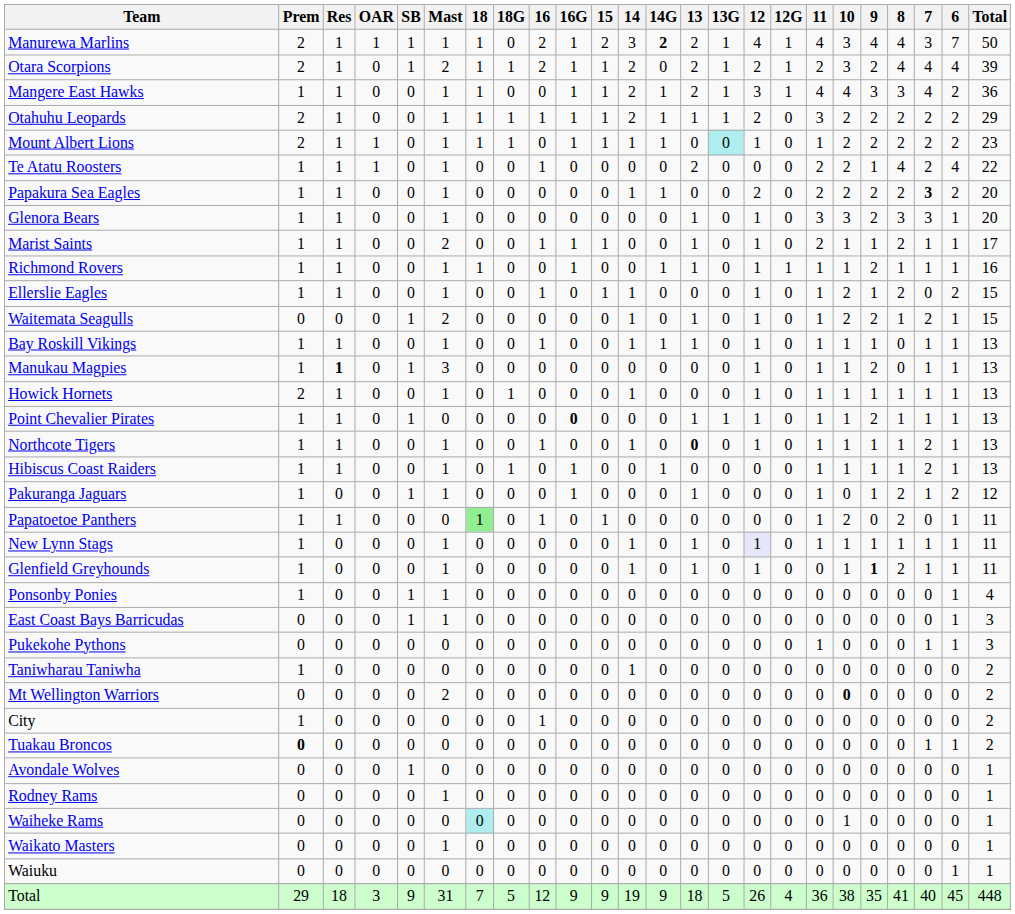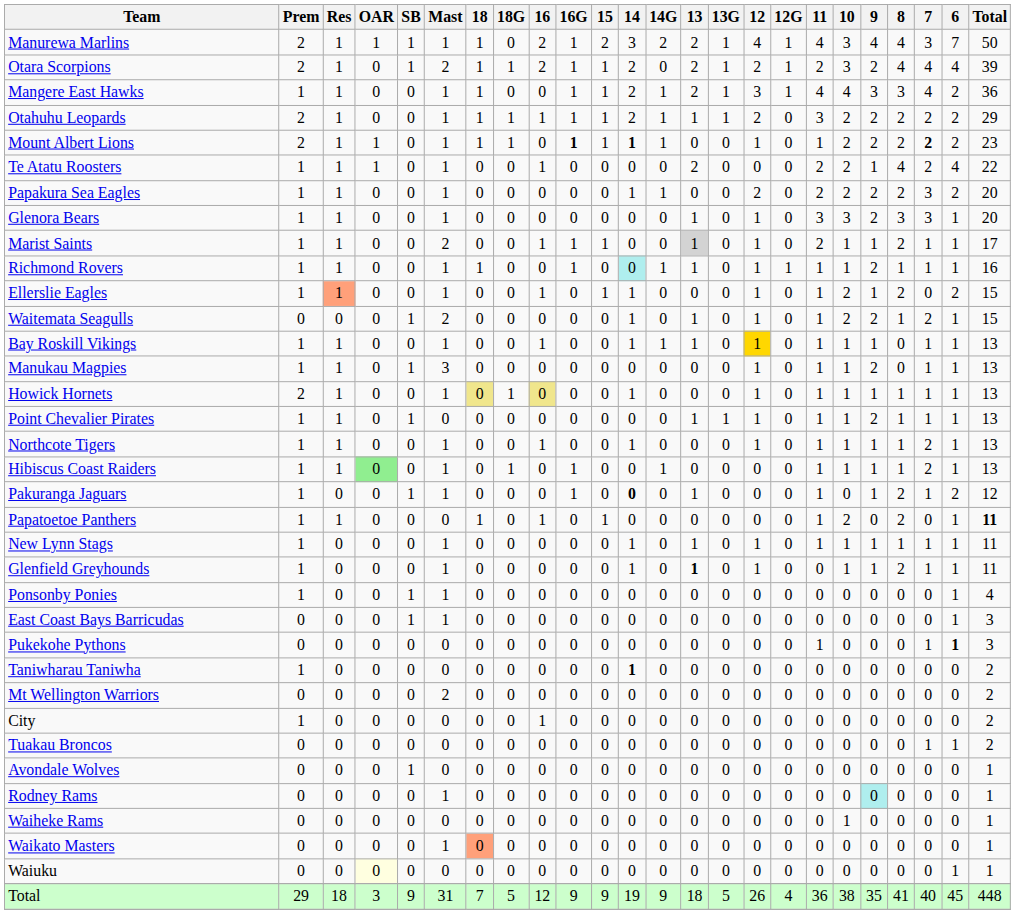 <table class="wikitable" style="text-align:center;">
 <tr>
 <th width=270>Team</th>
 <th width=20 abbr="Premiers">Prem</th>
 <th width=20 abbr="Reserves">Res</th>
 <th width=20 abbr="OAR">OAR</th>
 <th width=20 abbr="Sen B">SB</th>
 <th width=20 abbr="Masters">Mast</th>
 <th width=20 abbr="Under 18">18</th>
 <th width=20 abbr="Under 18 G">18G</th>
 <th width=20 abbr="Under 16">16</th>
 <th width=20 abbr="Under 16 G">16G</th>
 <th width=20 abbr="Under 15">15</th>
 <th width=20 abbr="Under 14">14</th>
 <th width=20 abbr="Under 14">14G</th>
 <th width=20 abbr="Under 13">13</th>
 <th width=20 abbr="Under 13 G">13G</th>
 <th width=20 abbr="Under 12">12</th>
 <th width=20 abbr="Under 12 G">12G</th>
 <th width=20 abbr="Under 11">11</th>
 <th width=20 abbr="Under 10">10</th>
 <th width=20 abbr="Under 9">9</th>
 <th width=20 abbr="Under 8">8</th>
 <th width=20 abbr="Under 7">7</th>
 <th width=20 abbr="Under 6">6</th>
 <th width=20 abbr="Total">Total</th>
 </tr>
 <tr>
 <td style="text-align:left;"><a href='#'>Manurewa Marlins</a></td>
 <td>2</td>
 <td>1</td>
 <td>1</td>
 <td>1</td>
 <td>1</td>
 <td>1</td>
 <td>0</td>
 <td>2</td>
 <td>1</td>
 <td>2</td>
 <td>3</td>
-<td><strong>2</strong></td>
+<td>2</td>
 <td>2</td>
 <td>1</td>
 <td>4</td>
 <td>1</td>
 <td>4</td>
 <td>3</td>
 <td>4</td>
 <td>4</td>
 <td>3</td>
 <td>7</td>
 <td>50</td>
 </tr>
 <tr>
 <td style="text-align:left;"><a href='#'>Otara Scorpions</a></td>
 <td>2</td>
 <td>1</td>
 <td>0</td>
 <td>1</td>
 <td>2</td>
 <td>1</td>
 <td>1</td>
 <td>2</td>
 <td>1</td>
 <td>1</td>
 <td>2</td>
 <td>0</td>
 <td>2</td>
 <td>1</td>
 <td>2</td>
 <td>1</td>
 <td>2</td>
 <td>3</td>
 <td>2</td>
 <td>4</td>
 <td>4</td>
 <td>4</td>
 <td>39</td>
 </tr>
 <tr>
 <td style="text-align:left;"><a href='#'>Mangere East Hawks</a></td>
 <td>1</td>
 <td>1</td>
 <td>0</td>
 <td>0</td>
 <td>1</td>
 <td>1</td>
 <td>0</td>
 <td>0</td>
 <td>1</td>
 <td>1</td>
 <td>2</td>
 <td>1</td>
 <td>2</td>
 <td>1</td>
 <td>3</td>
 <td>1</td>
 <td>4</td>
 <td>4</td>
 <td>3</td>
 <td>3</td>
 <td>4</td>
 <td>2</td>
 <td>36</td>
 </tr>
 <tr>
 <td style="text-align:left;"><a href='#'>Otahuhu Leopards</a></td>
 <td>2</td>
 <td>1</td>
 <td>0</td>
 <td>0</td>
 <td>1</td>
 <td>1</td>
 <td>1</td>
 <td>1</td>
 <td>1</td>
 <td>1</td>
 <td>2</td>
 <td>1</td>
 <td>1</td>
 <td>1</td>
 <td>2</td>
 <td>0</td>
 <td>3</td>
 <td>2</td>
 <td>2</td>
 <td>2</td>
 <td>2</td>
 <td>2</td>
 <td>29</td>
 </tr>
 <tr>
 <td style="text-align:left;"><a href='#'>Mount Albert Lions</a></td>
 <td>2</td>
 <td>1</td>
 <td>1</td>
 <td>0</td>
 <td>1</td>
 <td>1</td>
 <td>1</td>
 <td>0</td>
+<td><strong>1</strong></td>
 <td>1</td>
-<td>1</td>
-<td>1</td>
+<td><strong>1</strong></td>
 <td>1</td>
 <td>0</td>
-<td style="background: paleturquoise;">0</td>
+<td>0</td>
 <td>1</td>
 <td>0</td>
 <td>1</td>
 <td>2</td>
 <td>2</td>
 <td>2</td>
-<td>2</td>
+<td><strong>2</strong></td>
 <td>2</td>
 <td>23</td>
 </tr>
 <tr>
 <td style="text-align:left;"><a href='#'>Te Atatu Roosters</a></td>
 <td>1</td>
 <td>1</td>
 <td>1</td>
 <td>0</td>
 <td>1</td>
 <td>0</td>
 <td>0</td>
 <td>1</td>
 <td>0</td>
 <td>0</td>
 <td>0</td>
 <td>0</td>
 <td>2</td>
 <td>0</td>
 <td>0</td>
 <td>0</td>
 <td>2</td>
 <td>2</td>
 <td>1</td>
 <td>4</td>
 <td>2</td>
 <td>4</td>
 <td>22</td>
 </tr>
 <tr>
 <td style="text-align:left;"><a href='#'>Papakura Sea Eagles</a></td>
 <td>1</td>
 <td>1</td>
 <td>0</td>
 <td>0</td>
 <td>1</td>
 <td>0</td>
 <td>0</td>
 <td>0</td>
 <td>0</td>
 <td>0</td>
 <td>1</td>
 <td>1</td>
 <td>0</td>
 <td>0</td>
 <td>2</td>
 <td>0</td>
 <td>2</td>
 <td>2</td>
 <td>2</td>
 <td>2</td>
-<td><strong>3</strong></td>
+<td>3</td>
 <td>2</td>
 <td>20</td>
 </tr>
 <tr>
 <td style="text-align:left;"><a href='#'>Glenora Bears</a></td>
 <td>1</td>
 <td>1</td>
 <td>0</td>
 <td>0</td>
 <td>1</td>
 <td>0</td>
 <td>0</td>
 <td>0</td>
 <td>0</td>
 <td>0</td>
 <td>0</td>
 <td>0</td>
 <td>1</td>
 <td>0</td>
 <td>1</td>
 <td>0</td>
 <td>3</td>
 <td>3</td>
 <td>2</td>
 <td>3</td>
 <td>3</td>
 <td>1</td>
 <td>20</td>
 </tr>
 <tr>
 <td style="text-align:left;"><a href='#'>Marist Saints</a></td>
 <td>1</td>
 <td>1</td>
 <td>0</td>
 <td>0</td>
 <td>2</td>
 <td>0</td>
 <td>0</td>
 <td>1</td>
 <td>1</td>
 <td>1</td>
 <td>0</td>
 <td>0</td>
-<td>1</td>
+<td style="background: lightgrey;">1</td>
 <td>0</td>
 <td>1</td>
 <td>0</td>
 <td>2</td>
 <td>1</td>
 <td>1</td>
 <td>2</td>
 <td>1</td>
 <td>1</td>
 <td>17</td>
 </tr>
 <tr>
 <td style="text-align:left;"><a href='#'>Richmond Rovers</a></td>
 <td>1</td>
 <td>1</td>
 <td>0</td>
 <td>0</td>
 <td>1</td>
 <td>1</td>
 <td>0</td>
 <td>0</td>
 <td>1</td>
 <td>0</td>
-<td>0</td>
+<td style="background: paleturquoise;">0</td>
 <td>1</td>
 <td>1</td>
 <td>0</td>
 <td>1</td>
 <td>1</td>
 <td>1</td>
 <td>1</td>
 <td>2</td>
 <td>1</td>
 <td>1</td>
 <td>1</td>
 <td>16</td>
 </tr>
 <tr>
 <td style="text-align:left;"><a href='#'>Ellerslie Eagles</a></td>
 <td>1</td>
-<td>1</td>
+<td style="background: lightsalmon;">1</td>
 <td>0</td>
 <td>0</td>
 <td>1</td>
 <td>0</td>
 <td>0</td>
 <td>1</td>
 <td>0</td>
 <td>1</td>
 <td>1</td>
 <td>0</td>
 <td>0</td>
 <td>0</td>
 <td>1</td>
 <td>0</td>
 <td>1</td>
 <td>2</td>
 <td>1</td>
 <td>2</td>
 <td>0</td>
 <td>2</td>
 <td>15</td>
 </tr>
 <tr>
 <td style="text-align:left;"><a href='#'>Waitemata Seagulls</a></td>
 <td>0</td>
 <td>0</td>
 <td>0</td>
 <td>1</td>
 <td>2</td>
 <td>0</td>
 <td>0</td>
 <td>0</td>
 <td>0</td>
 <td>0</td>
 <td>1</td>
 <td>0</td>
 <td>1</td>
 <td>0</td>
 <td>1</td>
 <td>0</td>
 <td>1</td>
 <td>2</td>
 <td>2</td>
 <td>1</td>
 <td>2</td>
 <td>1</td>
 <td>15</td>
 </tr>
 <tr>
 <td style="text-align:left;"><a href='#'>Bay Roskill Vikings</a></td>
 <td>1</td>
 <td>1</td>
 <td>0</td>
 <td>0</td>
 <td>1</td>
 <td>0</td>
 <td>0</td>
 <td>1</td>
 <td>0</td>
 <td>0</td>
 <td>1</td>
 <td>1</td>
 <td>1</td>
 <td>0</td>
-<td>1</td>
+<td style="background: gold;">1</td>
 <td>0</td>
 <td>1</td>
 <td>1</td>
 <td>1</td>
 <td>0</td>
 <td>1</td>
 <td>1</td>
 <td>13</td>
 </tr>
 <tr>
 <td style="text-align:left;"><a href='#'>Manukau Magpies</a></td>
 <td>1</td>
-<td><strong>1</strong></td>
+<td>1</td>
 <td>0</td>
 <td>1</td>
 <td>3</td>
 <td>0</td>
 <td>0</td>
 <td>0</td>
 <td>0</td>
 <td>0</td>
 <td>0</td>
 <td>0</td>
 <td>0</td>
 <td>0</td>
 <td>1</td>
 <td>0</td>
 <td>1</td>
 <td>1</td>
 <td>2</td>
 <td>0</td>
 <td>1</td>
 <td>1</td>
 <td>13</td>
 </tr>
 <tr>
 <td style="text-align:left;"><a href='#'>Howick Hornets</a></td>
 <td>2</td>
 <td>1</td>
 <td>0</td>
 <td>0</td>
 <td>1</td>
-<td>0</td>
+<td style="background: khaki;">0</td>
 <td>1</td>
-<td>0</td>
+<td style="background: khaki;">0</td>
 <td>0</td>
 <td>0</td>
 <td>1</td>
 <td>0</td>
 <td>0</td>
 <td>0</td>
 <td>1</td>
 <td>0</td>
 <td>1</td>
 <td>1</td>
 <td>1</td>
 <td>1</td>
 <td>1</td>
 <td>1</td>
 <td>13</td>
 </tr>
 <tr>
 <td style="text-align:left;"><a href='#'>Point Chevalier Pirates</a></td>
 <td>1</td>
 <td>1</td>
 <td>0</td>
 <td>1</td>
 <td>0</td>
 <td>0</td>
 <td>0</td>
 <td>0</td>
-<td><strong>0</strong></td>
+<td>0</td>
 <td>0</td>
 <td>0</td>
 <td>0</td>
 <td>1</td>
 <td>1</td>
 <td>1</td>
 <td>0</td>
 <td>1</td>
 <td>1</td>
 <td>2</td>
 <td>1</td>
 <td>1</td>
 <td>1</td>
 <td>13</td>
 </tr>
 <tr>
 <td style="text-align:left;"><a href='#'>Northcote Tigers</a></td>
 <td>1</td>
 <td>1</td>
 <td>0</td>
 <td>0</td>
 <td>1</td>
 <td>0</td>
 <td>0</td>
 <td>1</td>
 <td>0</td>
 <td>0</td>
 <td>1</td>
 <td>0</td>
-<td><strong>0</strong></td>
+<td>0</td>
 <td>0</td>
 <td>1</td>
 <td>0</td>
 <td>1</td>
 <td>1</td>
 <td>1</td>
 <td>1</td>
 <td>2</td>
 <td>1</td>
 <td>13</td>
 </tr>
 <tr>
 <td style="text-align:left;"><a href='#'>Hibiscus Coast Raiders</a></td>
 <td>1</td>
 <td>1</td>
-<td>0</td>
+<td style="background: lightgreen;">0</td>
 <td>0</td>
 <td>1</td>
 <td>0</td>
 <td>1</td>
 <td>0</td>
 <td>1</td>
 <td>0</td>
 <td>0</td>
 <td>1</td>
 <td>0</td>
 <td>0</td>
 <td>0</td>
 <td>0</td>
 <td>1</td>
 <td>1</td>
 <td>1</td>
 <td>1</td>
 <td>2</td>
 <td>1</td>
 <td>13</td>
 </tr>
 <tr>
 <td style="text-align:left;"><a href='#'>Pakuranga Jaguars</a></td>
 <td>1</td>
 <td>0</td>
 <td>0</td>
 <td>1</td>
 <td>1</td>
 <td>0</td>
 <td>0</td>
 <td>0</td>
 <td>1</td>
 <td>0</td>
-<td>0</td>
+<td><strong>0</strong></td>
 <td>0</td>
 <td>1</td>
 <td>0</td>
 <td>0</td>
 <td>0</td>
 <td>1</td>
 <td>0</td>
 <td>1</td>
 <td>2</td>
 <td>1</td>
 <td>2</td>
 <td>12</td>
 </tr>
 <tr>
 <td style="text-align:left;"><a href='#'>Papatoetoe Panthers</a></td>
 <td>1</td>
 <td>1</td>
 <td>0</td>
 <td>0</td>
 <td>0</td>
-<td style="background: lightgreen;">1</td>
+<td>1</td>
 <td>0</td>
 <td>1</td>
 <td>0</td>
 <td>1</td>
 <td>0</td>
 <td>0</td>
 <td>0</td>
 <td>0</td>
 <td>0</td>
 <td>0</td>
 <td>1</td>
 <td>2</td>
 <td>0</td>
 <td>2</td>
 <td>0</td>
 <td>1</td>
-<td>11</td>
+<td><strong>11</strong></td>
 </tr>
 <tr>
 <td style="text-align:left;"><a href='#'>New Lynn Stags</a></td>
 <td>1</td>
 <td>0</td>
 <td>0</td>
 <td>0</td>
 <td>1</td>
 <td>0</td>
 <td>0</td>
 <td>0</td>
 <td>0</td>
 <td>0</td>
 <td>1</td>
 <td>0</td>
 <td>1</td>
 <td>0</td>
-<td style="background: lavender;">1</td>
+<td>1</td>
 <td>0</td>
 <td>1</td>
 <td>1</td>
 <td>1</td>
 <td>1</td>
 <td>1</td>
 <td>1</td>
 <td>11</td>
 </tr>
 <tr>
 <td style="text-align:left;"><a href='#'>Glenfield Greyhounds</a></td>
 <td>1</td>
 <td>0</td>
 <td>0</td>
 <td>0</td>
 <td>1</td>
 <td>0</td>
 <td>0</td>
 <td>0</td>
 <td>0</td>
 <td>0</td>
 <td>1</td>
 <td>0</td>
-<td>1</td>
+<td><strong>1</strong></td>
 <td>0</td>
 <td>1</td>
 <td>0</td>
 <td>0</td>
 <td>1</td>
-<td><strong>1</strong></td>
+<td>1</td>
 <td>2</td>
 <td>1</td>
 <td>1</td>
 <td>11</td>
 </tr>
 <tr>
 <td style="text-align:left;"><a href='#'>Ponsonby Ponies</a></td>
 <td>1</td>
 <td>0</td>
 <td>0</td>
 <td>1</td>
 <td>1</td>
 <td>0</td>
 <td>0</td>
 <td>0</td>
 <td>0</td>
 <td>0</td>
 <td>0</td>
 <td>0</td>
 <td>0</td>
 <td>0</td>
 <td>0</td>
 <td>0</td>
 <td>0</td>
 <td>0</td>
 <td>0</td>
 <td>0</td>
 <td>0</td>
 <td>1</td>
 <td>4</td>
 </tr>
 <tr>
 <td style="text-align:left;"><a href='#'>East Coast Bays Barricudas</a></td>
 <td>0</td>
 <td>0</td>
 <td>0</td>
 <td>1</td>
 <td>1</td>
 <td>0</td>
 <td>0</td>
 <td>0</td>
 <td>0</td>
 <td>0</td>
 <td>0</td>
 <td>0</td>
 <td>0</td>
 <td>0</td>
 <td>0</td>
 <td>0</td>
 <td>0</td>
 <td>0</td>
 <td>0</td>
 <td>0</td>
 <td>0</td>
 <td>1</td>
 <td>3</td>
 </tr>
 <tr>
 <td style="text-align:left;"><a href='#'>Pukekohe Pythons</a></td>
 <td>0</td>
 <td>0</td>
 <td>0</td>
 <td>0</td>
 <td>0</td>
 <td>0</td>
 <td>0</td>
 <td>0</td>
 <td>0</td>
 <td>0</td>
 <td>0</td>
 <td>0</td>
 <td>0</td>
 <td>0</td>
 <td>0</td>
 <td>0</td>
 <td>1</td>
 <td>0</td>
 <td>0</td>
 <td>0</td>
 <td>1</td>
-<td>1</td>
+<td><strong>1</strong></td>
 <td>3</td>
 </tr>
 <tr>
 <td style="text-align:left;"><a href='#'>Taniwharau Taniwha</a></td>
 <td>1</td>
 <td>0</td>
 <td>0</td>
 <td>0</td>
 <td>0</td>
 <td>0</td>
 <td>0</td>
 <td>0</td>
 <td>0</td>
 <td>0</td>
-<td>1</td>
+<td><strong>1</strong></td>
 <td>0</td>
 <td>0</td>
 <td>0</td>
 <td>0</td>
 <td>0</td>
 <td>0</td>
 <td>0</td>
 <td>0</td>
 <td>0</td>
 <td>0</td>
 <td>0</td>
 <td>2</td>
 </tr>
 <tr>
 <td style="text-align:left;"><a href='#'>Mt Wellington Warriors</a></td>
 <td>0</td>
 <td>0</td>
 <td>0</td>
 <td>0</td>
 <td>2</td>
 <td>0</td>
 <td>0</td>
 <td>0</td>
 <td>0</td>
 <td>0</td>
 <td>0</td>
 <td>0</td>
 <td>0</td>
 <td>0</td>
 <td>0</td>
 <td>0</td>
 <td>0</td>
-<td><strong>0</strong></td>
+<td>0</td>
 <td>0</td>
 <td>0</td>
 <td>0</td>
 <td>0</td>
 <td>2</td>
 </tr>
 <tr>
 <td style="text-align:left;">City</td>
 <td>1</td>
 <td>0</td>
 <td>0</td>
 <td>0</td>
 <td>0</td>
 <td>0</td>
 <td>0</td>
 <td>1</td>
 <td>0</td>
 <td>0</td>
 <td>0</td>
 <td>0</td>
 <td>0</td>
 <td>0</td>
 <td>0</td>
 <td>0</td>
 <td>0</td>
 <td>0</td>
 <td>0</td>
 <td>0</td>
 <td>0</td>
 <td>0</td>
 <td>2</td>
 </tr>
 <tr>
 <td style="text-align:left;"><a href='#'>Tuakau Broncos</a></td>
-<td><strong>0</strong></td>
+<td>0</td>
 <td>0</td>
 <td>0</td>
 <td>0</td>
 <td>0</td>
 <td>0</td>
 <td>0</td>
 <td>0</td>
 <td>0</td>
 <td>0</td>
 <td>0</td>
 <td>0</td>
 <td>0</td>
 <td>0</td>
 <td>0</td>
 <td>0</td>
 <td>0</td>
 <td>0</td>
 <td>0</td>
 <td>0</td>
 <td>1</td>
 <td>1</td>
 <td>2</td>
 </tr>
 <tr>
 <td style="text-align:left;"><a href='#'>Avondale Wolves</a></td>
 <td>0</td>
 <td>0</td>
 <td>0</td>
 <td>1</td>
 <td>0</td>
 <td>0</td>
 <td>0</td>
 <td>0</td>
 <td>0</td>
 <td>0</td>
 <td>0</td>
 <td>0</td>
 <td>0</td>
 <td>0</td>
 <td>0</td>
 <td>0</td>
 <td>0</td>
 <td>0</td>
 <td>0</td>
 <td>0</td>
 <td>0</td>
 <td>0</td>
 <td>1</td>
 </tr>
 <tr>
 <td style="text-align:left;"><a href='#'>Rodney Rams</a></td>
 <td>0</td>
 <td>0</td>
 <td>0</td>
 <td>0</td>
 <td>1</td>
 <td>0</td>
 <td>0</td>
 <td>0</td>
 <td>0</td>
 <td>0</td>
 <td>0</td>
 <td>0</td>
 <td>0</td>
 <td>0</td>
 <td>0</td>
 <td>0</td>
 <td>0</td>
 <td>0</td>
-<td>0</td>
+<td style="background: paleturquoise;">0</td>
 <td>0</td>
 <td>0</td>
 <td>0</td>
 <td>1</td>
 </tr>
 <tr>
 <td style="text-align:left;"><a href='#'>Waiheke Rams</a></td>
 <td>0</td>
 <td>0</td>
 <td>0</td>
 <td>0</td>
 <td>0</td>
-<td style="background: paleturquoise;">0</td>
+<td>0</td>
 <td>0</td>
 <td>0</td>
 <td>0</td>
 <td>0</td>
 <td>0</td>
 <td>0</td>
 <td>0</td>
 <td>0</td>
 <td>0</td>
 <td>0</td>
 <td>0</td>
 <td>1</td>
 <td>0</td>
 <td>0</td>
 <td>0</td>
 <td>0</td>
 <td>1</td>
 </tr>
 <tr>
 <td style="text-align:left;"><a href='#'>Waikato Masters</a></td>
 <td>0</td>
 <td>0</td>
 <td>0</td>
 <td>0</td>
 <td>1</td>
-<td>0</td>
+<td style="background: lightsalmon;">0</td>
 <td>0</td>
 <td>0</td>
 <td>0</td>
 <td>0</td>
 <td>0</td>
 <td>0</td>
 <td>0</td>
 <td>0</td>
 <td>0</td>
 <td>0</td>
 <td>0</td>
 <td>0</td>
 <td>0</td>
 <td>0</td>
 <td>0</td>
 <td>0</td>
 <td>1</td>
 </tr>
 <tr>
 <td style="text-align:left;">Waiuku</td>
 <td>0</td>
 <td>0</td>
-<td>0</td>
+<td style="background: lightyellow;">0</td>
 <td>0</td>
 <td>0</td>
 <td>0</td>
 <td>0</td>
 <td>0</td>
 <td>0</td>
 <td>0</td>
 <td>0</td>
 <td>0</td>
 <td>0</td>
 <td>0</td>
 <td>0</td>
 <td>0</td>
 <td>0</td>
 <td>0</td>
 <td>0</td>
 <td>0</td>
 <td>0</td>
 <td>1</td>
 <td>1</td>
 </tr>
 <tr>
 </tr>
 <tr style="background: #ccffcc;">
 <td style="text-align:left;">Total</td>
 <td>29</td>
 <td>18</td>
 <td>3</td>
 <td>9</td>
 <td>31</td>
 <td>7</td>
 <td>5</td>
 <td>12</td>
 <td>9</td>
 <td>9</td>
 <td>19</td>
 <td>9</td>
 <td>18</td>
 <td>5</td>
 <td>26</td>
 <td>4</td>
 <td>36</td>
 <td>38</td>
 <td>35</td>
 <td>41</td>
 <td>40</td>
 <td>45</td>
 <td>448</td>
 </tr>
 <tr>
 </tr>
 </table>
